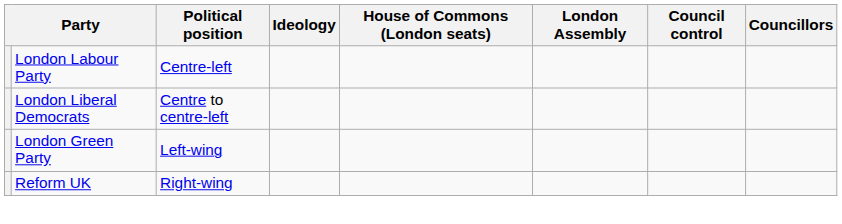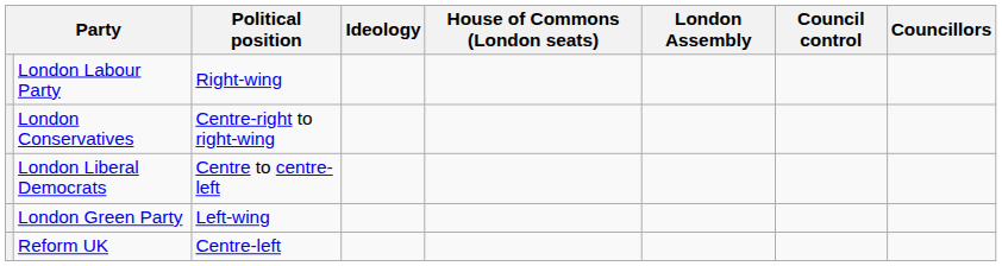 <table class="wikitable">
 <tr>
 <th colspan="2">Party</th>
 <th>Political position</th>
 <th>Ideology</th>
 <th>House of Commons (London seats)</th>
 <th>London Assembly</th>
 <th>Council control</th>
 <th>Councillors</th>
 </tr>
 <tr>
 <th style="background-color: "></th>
 <td><a href='#'>London Labour Party</a></td>
-<td><a href='#'>Centre-left</a></td>
+<td><a href='#'>Right-wing</a></td>
 <td></td>
+<td></td>
+<td></td>
+<td></td>
+<td></td>
+</tr>
+<tr>
+<th style="background-color: "></th>
+<td><a href='#'>London Conservatives</a></td>
+<td><a href='#'>Centre-right</a> to <a href='#'>right-wing</a></td>
+<td><br> </td>
 <td></td>
 <td></td>
 <td></td>
 <td></td>
 </tr>
 <tr>
 <th style="background-color: "></th>
 <td><a href='#'>London Liberal Democrats</a></td>
 <td><a href='#'>Centre</a> to <a href='#'>centre-left</a></td>
 <td><br></td>
 <td></td>
 <td></td>
 <td></td>
 <td></td>
 </tr>
 <tr>
 <th style="background-color: "></th>
 <td><a href='#'>London Green Party</a></td>
 <td><a href='#'>Left-wing</a></td>
 <td><br></td>
 <td></td>
 <td></td>
 <td></td>
 <td></td>
 </tr>
 <tr>
 <th style="background-color: "></th>
 <td><a href='#'>Reform UK</a></td>
-<td><a href='#'>Right-wing</a></td>
+<td><a href='#'>Centre-left</a></td>
 <td><br></td>
 <td></td>
 <td></td>
 <td></td>
 <td></td>
 </tr>
 </table>
